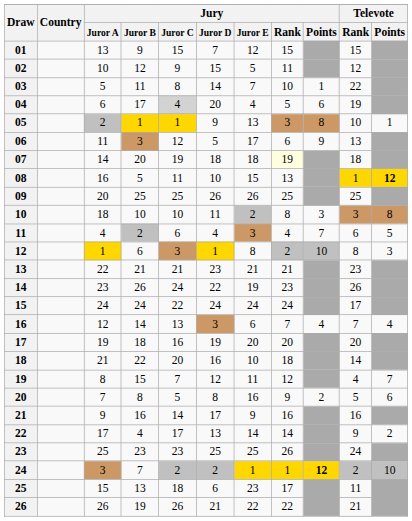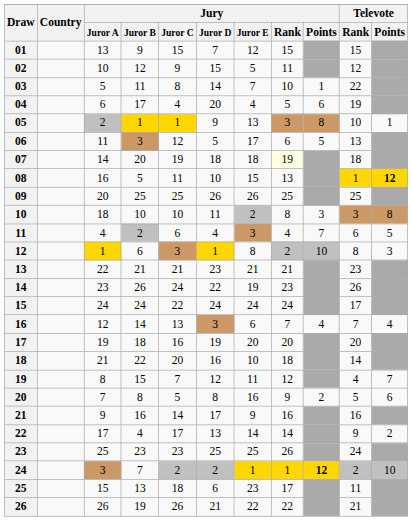 <table class="sortable wikitable collapsible plainrowheaders" style="text-align:center;">
 <tr>
 </tr>
 <tr>
 <th scope="col" rowspan="2">Draw</th>
 <th scope="col" rowspan="2">Country</th>
 <th scope="col" colspan="7">Jury</th>
 <th scope="col" colspan="2">Televote</th>
 </tr>
 <tr>
 <th scope="col"><small>Juror A</small></th>
 <th scope="col"><small>Juror B</small></th>
 <th scope="col"><small>Juror C</small></th>
 <th scope="col"><small>Juror D</small></th>
 <th scope="col"><small>Juror E</small></th>
 <th scope="col">Rank</th>
 <th scope="col">Points</th>
 <th scope="col">Rank</th>
 <th scope="col">Points</th>
 </tr>
 <tr>
 <th scope="row" style="text-align:center;">01</th>
 <td style="text-align:left;"></td>
 <td>13</td>
 <td>9</td>
 <td>15</td>
 <td>7</td>
 <td>12</td>
 <td>15</td>
 <td style="background:#AAAAAA;"></td>
 <td>15</td>
 <td style="background:#AAAAAA;"></td>
 </tr>
 <tr>
 <th scope="row" style="text-align:center;">02</th>
 <td style="text-align:left;"></td>
 <td>10</td>
 <td>12</td>
 <td>9</td>
 <td>15</td>
 <td>5</td>
 <td>11</td>
 <td style="background:#AAAAAA;"></td>
 <td>12</td>
 <td style="background:#AAAAAA;"></td>
 </tr>
 <tr>
 <th scope="row" style="text-align:center;">03</th>
 <td style="text-align:left;"></td>
 <td>5</td>
 <td>11</td>
 <td>8</td>
 <td>14</td>
 <td>7</td>
 <td>10</td>
 <td>1</td>
 <td>22</td>
 <td style="background:#AAAAAA;"></td>
 </tr>
 <tr>
 <th scope="row" style="text-align:center;">04</th>
 <td style="text-align:left;"></td>
 <td>6</td>
 <td>17</td>
-<td style="background: lightgrey;">4</td>
+<td>4</td>
 <td>20</td>
 <td>4</td>
 <td>5</td>
 <td>6</td>
 <td>19</td>
 <td style="background:#AAAAAA;"></td>
 </tr>
 <tr>
 <th scope="row" style="text-align:center;">05</th>
 <td style="text-align:left;"></td>
 <td style="background:silver;">2</td>
 <td style="background:gold;">1</td>
 <td style="background:gold;">1</td>
 <td>9</td>
 <td>13</td>
 <td style="background:#CC9966;">3</td>
 <td style="background:#CC9966;">8</td>
 <td>10</td>
 <td>1</td>
 </tr>
 <tr>
 <th scope="row" style="text-align:center;">06</th>
 <td style="text-align:left;"></td>
 <td>11</td>
 <td style="background:#CC9966;">3</td>
 <td>12</td>
 <td>5</td>
 <td>17</td>
 <td>6</td>
-<td>9</td>
+<td>5</td>
 <td>13</td>
 <td style="background:#AAAAAA;"></td>
 </tr>
 <tr>
 <th scope="row" style="text-align:center;">07</th>
 <td style="text-align:left;"></td>
 <td>14</td>
 <td>20</td>
 <td>19</td>
 <td>18</td>
 <td>18</td>
 <td style="background: lightyellow;">19</td>
 <td style="background:#AAAAAA;"></td>
 <td>18</td>
 <td style="background:#AAAAAA;"></td>
 </tr>
 <tr>
 <th scope="row" style="text-align:center;">08</th>
 <td style="text-align:left;"></td>
 <td>16</td>
 <td>5</td>
 <td>11</td>
 <td>10</td>
 <td>15</td>
 <td>13</td>
 <td style="background:#AAAAAA;"></td>
 <td style="background:gold;">1</td>
 <td style="background:gold;"><strong>12</strong></td>
 </tr>
 <tr>
 <th scope="row" style="text-align:center;">09</th>
 <td style="text-align:left;"></td>
 <td>20</td>
 <td>25</td>
 <td>25</td>
 <td>26</td>
 <td>26</td>
 <td>25</td>
 <td style="background:#AAAAAA;"></td>
 <td>25</td>
 <td style="background:#AAAAAA;"></td>
 </tr>
 <tr>
 <th scope="row" style="text-align:center;">10</th>
 <td style="text-align:left;"></td>
 <td>18</td>
 <td>10</td>
 <td>10</td>
 <td>11</td>
 <td style="background:silver;">2</td>
 <td>8</td>
 <td>3</td>
 <td style="background:#CC9966;">3</td>
 <td style="background:#CC9966;">8</td>
 </tr>
 <tr>
 <th scope="row" style="text-align:center;">11</th>
 <td style="text-align:left;"></td>
 <td>4</td>
 <td style="background:silver;">2</td>
 <td>6</td>
 <td>4</td>
 <td style="background:#CC9966;">3</td>
 <td>4</td>
 <td>7</td>
 <td>6</td>
 <td>5</td>
 </tr>
 <tr>
 <th scope="row" style="text-align:center;">12</th>
 <td style="text-align:left;"></td>
 <td style="background:gold;">1</td>
 <td>6</td>
 <td style="background:#CC9966;">3</td>
 <td style="background:gold;">1</td>
 <td>8</td>
 <td style="background:silver;">2</td>
 <td style="background:silver;">10</td>
 <td>8</td>
 <td>3</td>
 </tr>
 <tr>
 <th scope="row" style="text-align:center;">13</th>
 <td style="text-align:left;"></td>
 <td>22</td>
 <td>21</td>
 <td>21</td>
 <td>23</td>
 <td>21</td>
 <td>21</td>
 <td style="background:#AAAAAA;"></td>
 <td>23</td>
 <td style="background:#AAAAAA;"></td>
 </tr>
 <tr>
 <th scope="row" style="text-align:center;">14</th>
 <td style="text-align:left;"></td>
 <td>23</td>
 <td>26</td>
 <td>24</td>
 <td>22</td>
 <td>19</td>
 <td>23</td>
 <td style="background:#AAAAAA;"></td>
 <td>26</td>
 <td style="background:#AAAAAA;"></td>
 </tr>
 <tr>
 <th scope="row" style="text-align:center;">15</th>
 <td style="text-align:left;"></td>
 <td>24</td>
 <td>24</td>
 <td>22</td>
 <td>24</td>
 <td>24</td>
 <td>24</td>
 <td style="background:#AAAAAA;"></td>
 <td>17</td>
 <td style="background:#AAAAAA;"></td>
 </tr>
 <tr>
 <th scope="row" style="text-align:center;">16</th>
 <td style="text-align:left;"></td>
 <td>12</td>
 <td>14</td>
 <td>13</td>
 <td style="background:#CC9966;">3</td>
 <td>6</td>
 <td>7</td>
 <td>4</td>
 <td>7</td>
 <td>4</td>
 </tr>
 <tr>
 <th scope="row" style="text-align:center;">17</th>
 <td style="text-align:left;"></td>
 <td>19</td>
 <td>18</td>
 <td>16</td>
 <td>19</td>
 <td>20</td>
 <td>20</td>
 <td style="background:#AAAAAA;"></td>
 <td>20</td>
 <td style="background:#AAAAAA;"></td>
 </tr>
 <tr>
 <th scope="row" style="text-align:center;">18</th>
 <td style="text-align:left;"></td>
 <td>21</td>
 <td>22</td>
 <td>20</td>
 <td>16</td>
 <td>10</td>
 <td>18</td>
 <td style="background:#AAAAAA;"></td>
 <td>14</td>
 <td style="background:#AAAAAA;"></td>
 </tr>
 <tr>
 <th scope="row" style="text-align:center;">19</th>
 <td style="text-align:left;"></td>
 <td>8</td>
 <td>15</td>
 <td>7</td>
 <td>12</td>
 <td>11</td>
 <td>12</td>
 <td style="background:#AAAAAA;"></td>
 <td>4</td>
 <td>7</td>
 </tr>
 <tr>
 <th scope="row" style="text-align:center;">20</th>
 <td style="text-align:left;"></td>
 <td>7</td>
 <td>8</td>
 <td>5</td>
 <td>8</td>
 <td>16</td>
 <td>9</td>
 <td>2</td>
 <td>5</td>
 <td>6</td>
 </tr>
 <tr>
 <th scope="row" style="text-align:center;">21</th>
 <td style="text-align:left;"></td>
 <td>9</td>
 <td>16</td>
 <td>14</td>
 <td>17</td>
 <td>9</td>
 <td>16</td>
 <td style="background:#AAAAAA;"></td>
 <td>16</td>
 <td style="background:#AAAAAA;"></td>
 </tr>
 <tr>
 <th scope="row" style="text-align:center;">22</th>
 <td style="text-align:left;"></td>
 <td>17</td>
 <td>4</td>
 <td>17</td>
 <td>13</td>
 <td>14</td>
 <td>14</td>
 <td style="background:#AAAAAA;"></td>
 <td>9</td>
 <td>2</td>
 </tr>
 <tr>
 <th scope="row" style="text-align:center;">23</th>
 <td style="text-align:left;"></td>
 <td>25</td>
 <td>23</td>
 <td>23</td>
 <td>25</td>
 <td>25</td>
 <td>26</td>
 <td style="background:#AAAAAA;"></td>
 <td>24</td>
 <td style="background:#AAAAAA;"></td>
 </tr>
 <tr>
 <th scope="row" style="text-align:center;">24</th>
 <td style="text-align:left;"></td>
 <td style="background:#CC9966;">3</td>
 <td>7</td>
 <td style="background:silver;">2</td>
 <td style="background:silver;">2</td>
 <td style="background:gold;">1</td>
 <td style="background:gold;">1</td>
 <td style="background:gold;"><strong>12</strong></td>
 <td style="background:silver;">2</td>
 <td style="background:silver;">10</td>
 </tr>
 <tr>
 <th scope="row" style="text-align:center;">25</th>
 <td style="text-align:left;"></td>
 <td>15</td>
 <td>13</td>
 <td>18</td>
 <td>6</td>
 <td>23</td>
 <td>17</td>
 <td style="background:#AAAAAA;"></td>
 <td>11</td>
 <td style="background:#AAAAAA;"></td>
 </tr>
 <tr>
 <th scope="row" style="text-align:center;">26</th>
 <td style="text-align:left;"></td>
 <td>26</td>
 <td>19</td>
 <td>26</td>
 <td>21</td>
 <td>22</td>
 <td>22</td>
 <td style="background:#AAAAAA;"></td>
 <td>21</td>
 <td style="background:#AAAAAA;"></td>
 </tr>
 </table>
